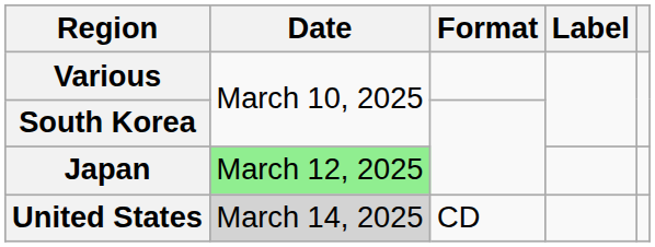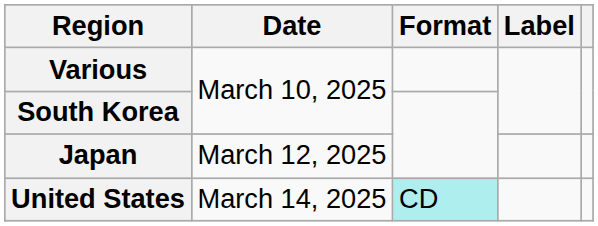 <table class="wikitable plainrowheaders">
 <tr>
 <th scope="col">Region</th>
 <th scope="col">Date</th>
 <th scope="col">Format</th>
 <th scope="col">Label</th>
 <th scope="col"></th>
 </tr>
 <tr>
 <th scope="row">Various </th>
 <td rowspan="2">March 10, 2025</td>
 <td></td>
 <td rowspan="2"></td>
 <td rowspan="2" style="text-align:center;"></td>
 </tr>
 <tr>
 <th scope="row">South Korea</th>
 <td rowspan="2"></td>
 </tr>
 <tr>
 <th scope="row">Japan</th>
-<td style="background: lightgreen;">March 12, 2025</td>
+<td>March 12, 2025</td>
 <td></td>
 <td style="text-align:center;"></td>
 </tr>
 <tr>
 <th scope="row">United States</th>
-<td style="background: lightgrey;">March 14, 2025</td>
-<td>CD</td>
+<td>March 14, 2025</td>
+<td style="background: paleturquoise;">CD</td>
 <td></td>
 <td style="text-align:center;"></td>
 </tr>
 </table>
